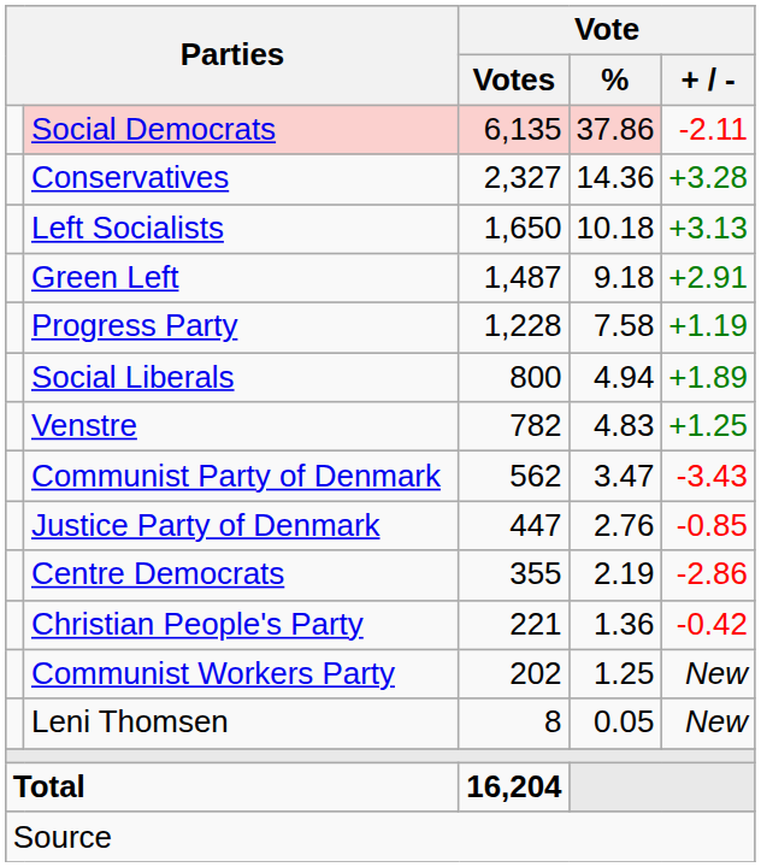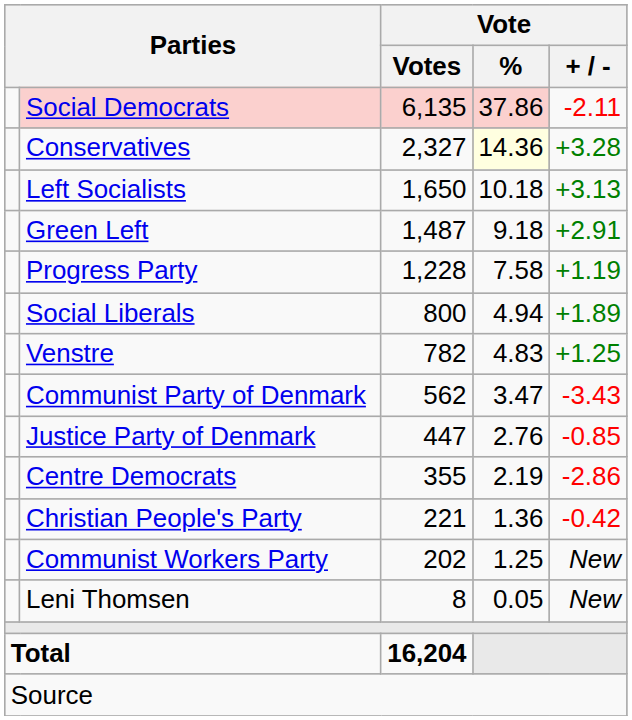 <table class="wikitable" style="text-align:right;">
 <tr>
 <th style="text-align:centre;" rowspan="2" colspan="2" width="225">Parties</th>
 <th colspan="3">Vote</th>
 </tr>
 <tr>
 <th width="15">Votes</th>
 <th width="15">%</th>
 <th width="15">+ / -</th>
 </tr>
 <tr>
 <td width="2" style="color:inherit;background:"></td>
 <td bgcolor=#fbd0ce  align="left"><a href='#'>Social Democrats</a></td>
 <td bgcolor=#fbd0ce>6,135</td>
 <td bgcolor=#fbd0ce>37.86</td>
 <td style=color:red;>-2.11</td>
 </tr>
 <tr>
 <td width="2" style="color:inherit;background:"></td>
 <td align="left"><a href='#'>Conservatives</a></td>
 <td>2,327</td>
-<td>14.36</td>
+<td style="background: lightyellow;">14.36</td>
 <td style=color:green;>+3.28</td>
 </tr>
 <tr>
 <td width="2" style="color:inherit;background:"></td>
 <td align="left"><a href='#'>Left Socialists</a></td>
 <td>1,650</td>
 <td>10.18</td>
 <td style=color:green;>+3.13</td>
 </tr>
 <tr>
 <td width="2" style="color:inherit;background:"></td>
 <td align="left"><a href='#'>Green Left</a></td>
 <td>1,487</td>
 <td>9.18</td>
 <td style=color:green;>+2.91</td>
 </tr>
 <tr>
 <td width="2" style="color:inherit;background:"></td>
 <td align="left"><a href='#'>Progress Party</a></td>
 <td>1,228</td>
 <td>7.58</td>
 <td style=color:green;>+1.19</td>
 </tr>
 <tr>
 <td width="2" style="color:inherit;background:"></td>
 <td align="left"><a href='#'>Social Liberals</a></td>
 <td>800</td>
 <td>4.94</td>
 <td style=color:green;>+1.89</td>
 </tr>
 <tr>
 <td width="2" style="color:inherit;background:"></td>
 <td align="left"><a href='#'>Venstre</a></td>
 <td>782</td>
 <td>4.83</td>
 <td style=color:green;>+1.25</td>
 </tr>
 <tr>
 <td width="2" style="color:inherit;background:"></td>
 <td align="left"><a href='#'>Communist Party of Denmark</a></td>
 <td>562</td>
 <td>3.47</td>
 <td style=color:red;>-3.43</td>
 </tr>
 <tr>
 <td width="2" style="color:inherit;background:"></td>
 <td align="left"><a href='#'>Justice Party of Denmark</a></td>
 <td>447</td>
 <td>2.76</td>
 <td style=color:red;>-0.85</td>
 </tr>
 <tr>
 <td width="2" style="color:inherit;background:"></td>
 <td align="left"><a href='#'>Centre Democrats</a></td>
 <td>355</td>
 <td>2.19</td>
 <td style=color:red;>-2.86</td>
 </tr>
 <tr>
 <td width="2" style="color:inherit;background:"></td>
 <td align="left"><a href='#'>Christian People's Party</a></td>
 <td>221</td>
 <td>1.36</td>
 <td style=color:red;>-0.42</td>
 </tr>
 <tr>
 <td width="2" style="color:inherit;background:"></td>
 <td align="left"><a href='#'>Communist Workers Party</a></td>
 <td>202</td>
 <td>1.25</td>
 <td><em>New</em></td>
 </tr>
 <tr>
 <td width="2" style="color:inherit;background:"></td>
 <td align="left">Leni Thomsen</td>
 <td>8</td>
 <td>0.05</td>
 <td><em>New</em></td>
 </tr>
 <tr>
 <td colspan="7" bgcolor="#E9E9E9"></td>
 </tr>
 <tr>
 <td align="left" colspan="2"><strong>Total</strong></td>
 <td><strong>16,204</strong></td>
 <td bgcolor="#E9E9E9" colspan="2"></td>
 </tr>
 <tr>
 <td align="left" colspan="6">Source</td>
 </tr>
 </table>
